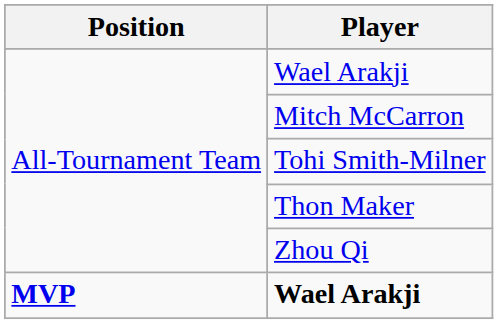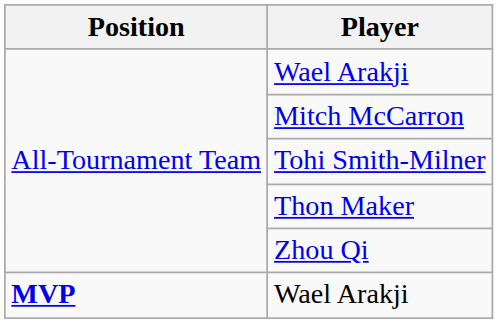 <table class="wikitable">
 <tr>
 <th>Position</th>
 <th>Player</th>
 </tr>
 <tr>
 <td rowspan=5><a href='#'>All-Tournament Team</a></td>
 <td> <a href='#'>Wael Arakji</a></td>
 </tr>
 <tr>
 <td> <a href='#'>Mitch McCarron</a></td>
 </tr>
 <tr>
 <td> <a href='#'>Tohi Smith-Milner</a></td>
 </tr>
 <tr>
 <td> <a href='#'>Thon Maker</a></td>
 </tr>
 <tr>
 <td> <a href='#'>Zhou Qi</a></td>
 </tr>
 <tr>
 <td><strong><a href='#'>MVP</a></strong></td>
-<td><strong> Wael Arakji</strong></td>
+<td> Wael Arakji</td>
 </tr>
 </table>
